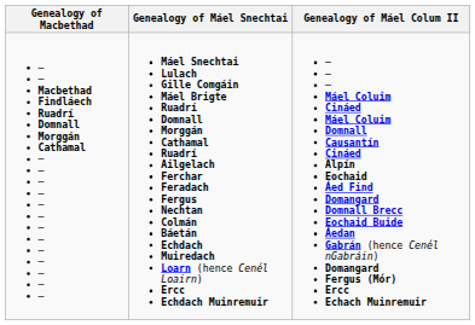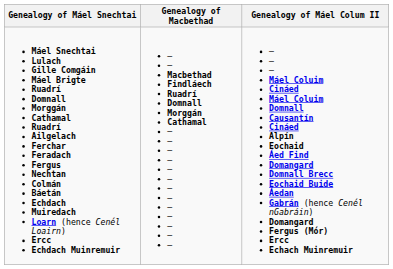 <table class="wikitable">
 <tr>
+<th>Genealogy of Máel Snechtai</th>
 <th>Genealogy of Macbethad</th>
-<th>Genealogy of Máel Snechtai</th>
 <th>Genealogy of Máel Colum II</th>
 </tr>
 <tr>
+<td><br><ul><li><strong>Máel Snechtai</strong></li><li><strong>Lulach</strong></li><li><strong>Gille Comgáin</strong></li><li><strong>Máel Brigte</strong></li><li><strong>Ruadrí</strong></li><li><strong>Domnall</strong></li><li><strong>Morggán</strong></li><li><strong>Cathamal</strong></li><li><strong>Ruadrí</strong></li><li><strong>Ailgelach</strong></li><li><strong>Ferchar</strong></li><li><strong>Feradach</strong></li><li><strong>Fergus</strong></li><li><strong>Nechtan</strong></li><li><strong>Colmán</strong></li><li><strong>Báetán</strong></li><li><strong>Echdach</strong></li><li><strong>Muiredach</strong></li><li><strong><a href='#'>Loarn</a></strong> (hence <em>Cenél Loairn</em>)</li><li><strong>Ercc</strong></li><li><strong>Echdach Muinremuir</strong></li></ul></td>
 <td><br><ul><li>–</li><li>–</li><li><strong>Macbethad</strong></li><li><strong>Findláech</strong></li><li><strong>Ruadrí</strong></li><li><strong>Domnall</strong></li><li><strong>Morggán</strong></li><li><strong>Cathamal</strong></li><li>–</li><li>–</li><li>–</li><li>–</li><li>–</li><li>–</li><li>–</li><li>–</li><li>–</li><li>–</li><li>–</li><li>–</li><li>–</li></ul></td>
-<td><br><ul><li><strong>Máel Snechtai</strong></li><li><strong>Lulach</strong></li><li><strong>Gille Comgáin</strong></li><li><strong>Máel Brigte</strong></li><li><strong>Ruadrí</strong></li><li><strong>Domnall</strong></li><li><strong>Morggán</strong></li><li><strong>Cathamal</strong></li><li><strong>Ruadrí</strong></li><li><strong>Ailgelach</strong></li><li><strong>Ferchar</strong></li><li><strong>Feradach</strong></li><li><strong>Fergus</strong></li><li><strong>Nechtan</strong></li><li><strong>Colmán</strong></li><li><strong>Báetán</strong></li><li><strong>Echdach</strong></li><li><strong>Muiredach</strong></li><li><strong><a href='#'>Loarn</a></strong> (hence <em>Cenél Loairn</em>)</li><li><strong>Ercc</strong></li><li><strong>Echdach Muinremuir</strong></li></ul></td>
 <td><br><ul><li>–</li><li>–</li><li>–</li><li><strong><a href='#'>Máel Coluim</a></strong></li><li><strong><a href='#'>Cináed</a></strong></li><li><strong><a href='#'>Máel Coluim</a></strong></li><li><strong><a href='#'>Domnall</a></strong></li><li><strong><a href='#'>Causantín</a></strong></li><li><strong><a href='#'>Cináed</a></strong></li><li><strong>Alpín</strong></li><li><strong>Eochaid</strong></li><li><strong><a href='#'>Áed Find</a></strong></li><li><strong><a href='#'>Domangard</a></strong></li><li><strong><a href='#'>Domnall Brecc</a></strong></li><li><strong><a href='#'>Eochaid Buide</a></strong></li><li><strong><a href='#'>Áedan</a></strong></li><li><strong><a href='#'>Gabrán</a></strong> (hence <em>Cenél nGabráin</em>)</li><li><strong>Domangard</strong></li><li><strong>Fergus (Mór)</strong></li><li><strong>Ercc</strong></li><li><strong> Echach Muinremuir</strong></li></ul></td>
 </tr>
 </table>
